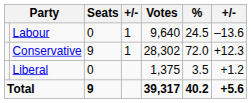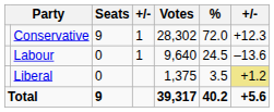 <table class="wikitable sortable">
 <tr>
 <th colspan="2">Party</th>
 <th>Seats</th>
 <th>+/-</th>
 <th>Votes</th>
 <th>%</th>
 <th>+/-</th>
+</tr>
+<tr>
+<td style="background-color: "></td>
+<td><a href='#'>Conservative</a></td>
+<td>9</td>
+<td> 1</td>
+<td style="text-align:right;">28,302</td>
+<td style="text-align:right;">72.0</td>
+<td style="text-align:right;">+12.3</td>
 </tr>
 <tr>
 <td style="background-color: "></td>
 <td><a href='#'>Labour</a></td>
 <td>0</td>
 <td> 1</td>
 <td style="text-align:right;">9,640</td>
 <td style="text-align:right;">24.5</td>
 <td style="text-align:right;">–13.6</td>
 </tr>
 <tr>
 <td style="background-color: "></td>
-<td><a href='#'>Conservative</a></td>
-<td>9</td>
-<td> 1</td>
-<td style="text-align:right;">28,302</td>
-<td style="text-align:right;">72.0</td>
-<td style="text-align:right;">+12.3</td>
-</tr>
-<tr>
-<td style="background-color: "></td>
 <td><a href='#'>Liberal</a></td>
 <td>0</td>
 <td></td>
 <td style="text-align:right;">1,375</td>
 <td style="text-align:right;">3.5</td>
-<td style="text-align:right;">+1.2</td>
+<td style="background: khaki; text-align:right;">+1.2</td>
 </tr>
 <tr>
 <td colspan="2"><strong>Total</strong></td>
 <td><strong>9</strong></td>
 <td></td>
 <td style="text-align:right;"><strong>39,317</strong></td>
 <td style="text-align:right;"><strong>40.2</strong></td>
 <td style="text-align:right;"><strong>+5.6</strong></td>
 </tr>
 </table>
